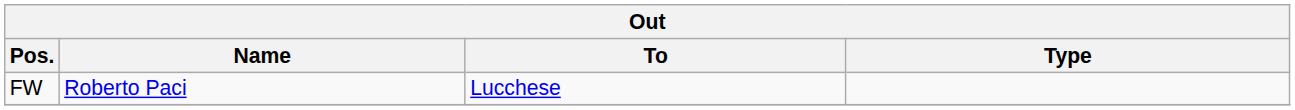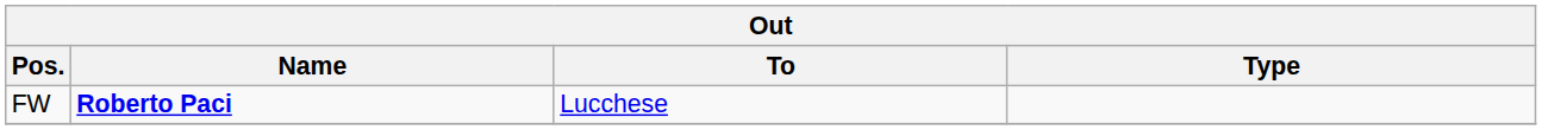 <table class="wikitable" style="font-size:90%;width:99%;">
 <tr>
 <th colspan="4">Out</th>
 </tr>
 <tr>
 <th width=3%>Pos.</th>
 <th width=32%>Name</th>
 <th width=30%>To</th>
 <th width=35%>Type</th>
 </tr>
 <tr>
 <td>FW</td>
-<td><a href='#'>Roberto Paci</a></td>
+<td><strong><a href='#'>Roberto Paci</a></strong></td>
 <td><a href='#'>Lucchese</a></td>
 <td></td>
 </tr>
 <tr>
 </tr>
 </table>
